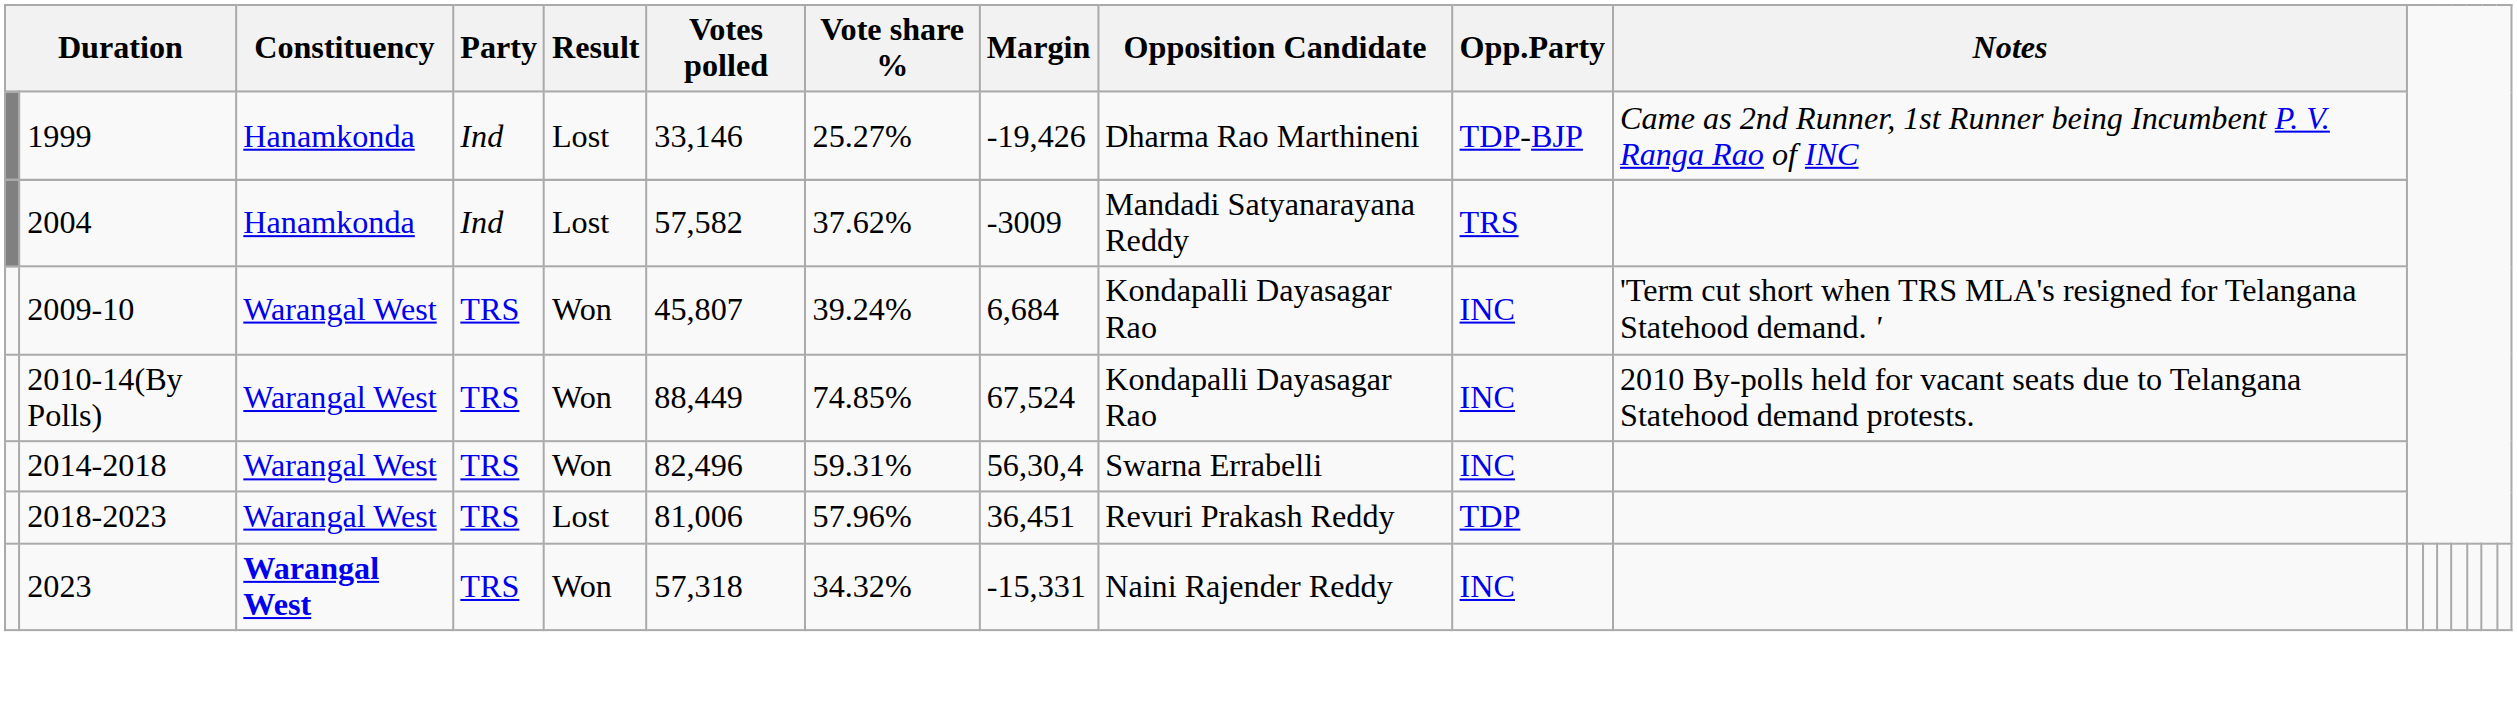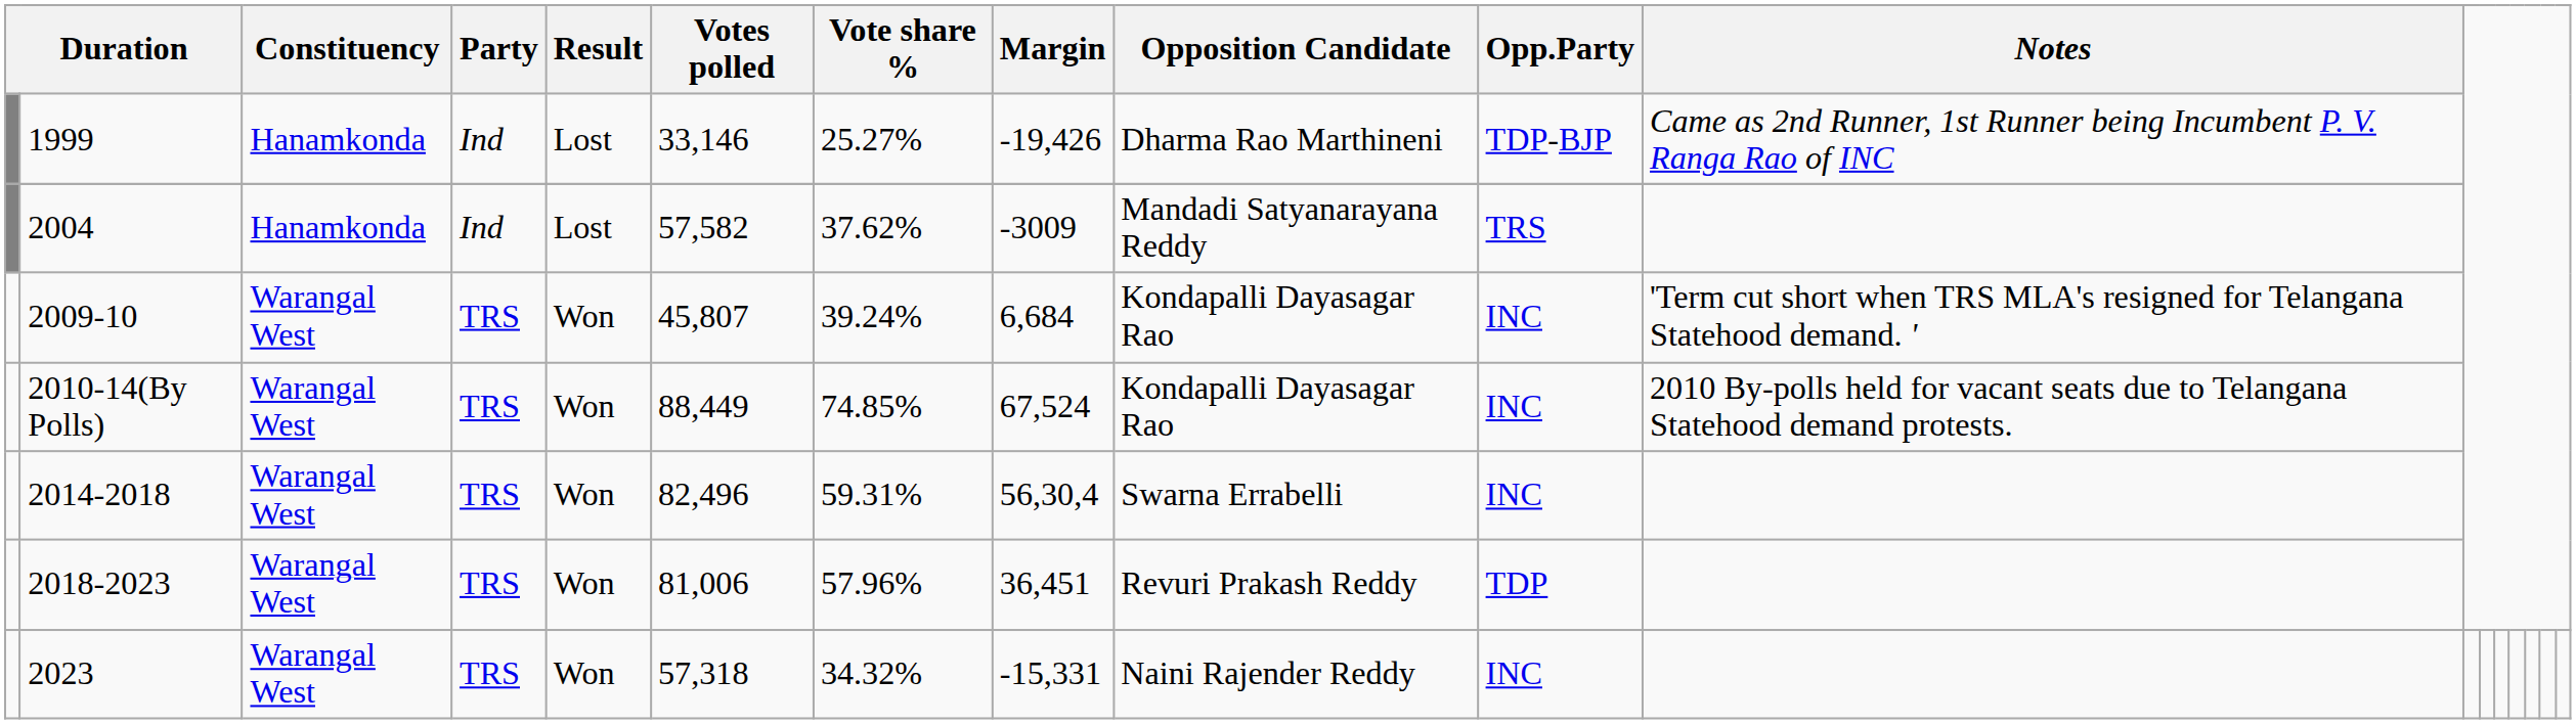 <table class="wikitable">
 <tr>
 <th colspan="2">Duration</th>
 <th>Constituency</th>
 <th>Party</th>
 <th>Result</th>
 <th>Votes polled</th>
 <th>Vote share %</th>
 <th>Margin</th>
 <th>Opposition Candidate</th>
 <th>Opp.Party</th>
 <th><em>Notes</em></th>
 </tr>
 <tr>
 <td style="background-color: gray"></td>
 <td>1999</td>
 <td><a href='#'>Hanamkonda</a></td>
 <td><em>Ind</em></td>
 <td>Lost</td>
 <td>33,146</td>
 <td>25.27%</td>
 <td>-19,426</td>
 <td>Dharma Rao Marthineni</td>
 <td><a href='#'>TDP</a>-<a href='#'>BJP</a></td>
 <td><span> <em>Came as 2nd Runner, 1st Runner being Incumbent <a href='#'>P. V. Ranga Rao</a> of <a href='#'>INC</a></em> </span></td>
 </tr>
 <tr>
 </tr>
 <tr>
 <td style="background-color: gray"></td>
 <td>2004</td>
 <td><a href='#'>Hanamkonda</a></td>
 <td><em>Ind</em></td>
 <td>Lost</td>
 <td>57,582</td>
 <td>37.62%</td>
 <td>-3009</td>
 <td>Mandadi Satyanarayana Reddy</td>
 <td><a href='#'>TRS</a></td>
 <td></td>
 </tr>
 <tr>
 <td style="background-color: "></td>
 <td>2009-10</td>
 <td><a href='#'>Warangal West</a></td>
 <td><a href='#'>TRS</a></td>
 <td>Won</td>
 <td>45,807</td>
 <td>39.24%</td>
 <td>6,684</td>
 <td>Kondapalli Dayasagar Rao</td>
 <td><a href='#'>INC</a></td>
 <td><span>'Term cut short when TRS MLA's resigned for Telangana Statehood demand.<em></span> '</td>
 </tr>
 <tr>
 <td style="background-color: "></td>
 <td>2010-14(By Polls)</td>
 <td><a href='#'>Warangal West</a></td>
 <td><a href='#'>TRS</a></td>
 <td>Won</td>
 <td>88,449</td>
 <td>74.85%</td>
 <td>67,524</td>
 <td>Kondapalli Dayasagar Rao</td>
 <td><a href='#'>INC</a></td>
 <td><span> </em>2010 By-polls held for vacant seats due to Telangana Statehood demand protests.<em></span></td>
 </tr>
 <tr>
 <td style="background-color: "></td>
 <td>2014-2018</td>
 <td><a href='#'>Warangal West</a></td>
 <td><a href='#'>TRS</a></td>
 <td>Won</td>
 <td>82,496</td>
 <td>59.31%</td>
 <td>56,30,4</td>
 <td>Swarna Errabelli</td>
 <td><a href='#'>INC</a></td>
 <td></td>
 </tr>
 <tr>
 <td style="background-color: "></td>
 <td>2018-2023</td>
 <td><a href='#'>Warangal West</a></td>
 <td><a href='#'>TRS</a></td>
-<td>Lost</td>
+<td>Won</td>
 <td>81,006</td>
 <td>57.96%</td>
 <td>36,451</td>
 <td>Revuri Prakash Reddy</td>
 <td><a href='#'>TDP</a></td>
 <td></td>
 </tr>
 <tr>
 <td style="background-color: "></td>
 <td>2023</td>
-<td><strong><a href='#'>Warangal West</a></strong></td>
+<td><a href='#'>Warangal West</a></td>
 <td><a href='#'>TRS</a></td>
 <td>Won</td>
 <td>57,318</td>
 <td>34.32%</td>
 <td>-15,331</td>
 <td>Naini Rajender Reddy</td>
 <td><a href='#'>INC</a></td>
 <td></td>
 <td></td>
 <td></td>
 <td></td>
 <td></td>
 <td></td>
 <td></td>
 <td></td>
 </tr>
 </table>
